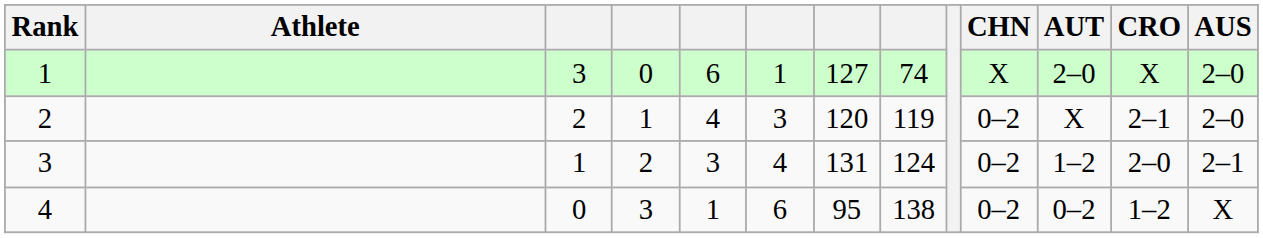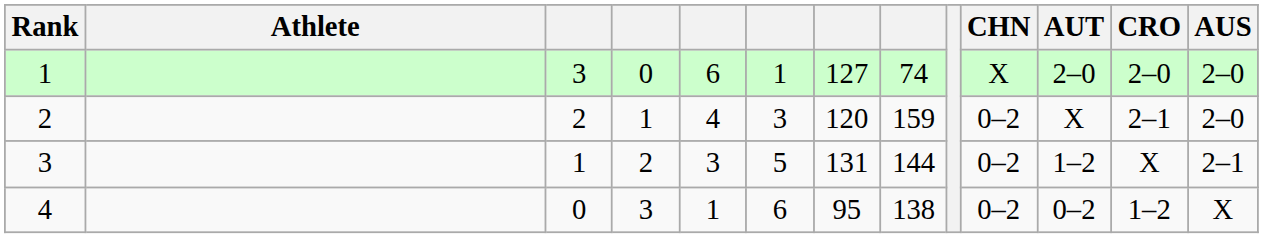 <table class="wikitable" style="text-align:center">
 <tr>
 <th>Rank</th>
 <th width=250>Athlete</th>
 <th width=30></th>
 <th width=30></th>
 <th width=30></th>
 <th width=30></th>
 <th width=30></th>
 <th width=30></th>
 <th rowspan=5></th>
 <th width=30>CHN</th>
 <th width=30>AUT</th>
 <th width=30>CRO</th>
 <th width=30>AUS</th>
 </tr>
 <tr style="background-color:#ccffcc;">
 <td>1</td>
 <td align=left></td>
 <td>3</td>
 <td>0</td>
 <td>6</td>
 <td>1</td>
 <td>127</td>
 <td>74</td>
 <td>X</td>
 <td>2–0</td>
-<td>X</td>
+<td>2–0</td>
 <td>2–0</td>
 </tr>
 <tr>
 <td>2</td>
 <td align=left></td>
 <td>2</td>
 <td>1</td>
 <td>4</td>
 <td>3</td>
 <td>120</td>
-<td>119</td>
+<td>159</td>
 <td>0–2</td>
 <td>X</td>
 <td>2–1</td>
 <td>2–0</td>
 </tr>
 <tr>
 <td>3</td>
 <td align=left></td>
 <td>1</td>
 <td>2</td>
 <td>3</td>
-<td>4</td>
+<td>5</td>
 <td>131</td>
-<td>124</td>
+<td>144</td>
 <td>0–2</td>
 <td>1–2</td>
-<td>2–0</td>
+<td>X</td>
 <td>2–1</td>
 </tr>
 <tr>
 <td>4</td>
 <td align=left></td>
 <td>0</td>
 <td>3</td>
 <td>1</td>
 <td>6</td>
 <td>95</td>
 <td>138</td>
 <td>0–2</td>
 <td>0–2</td>
 <td>1–2</td>
 <td>X</td>
 </tr>
 </table>
